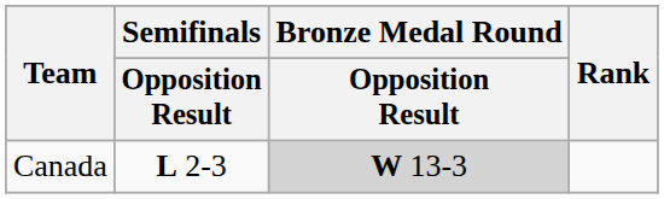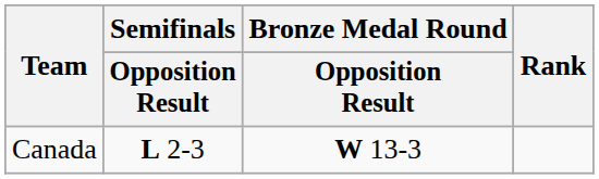 <table class="wikitable" style="font-size:90%">
 <tr>
 <th rowspan=2>Team</th>
 <th>Semifinals</th>
 <th>Bronze Medal Round</th>
 <th rowspan=2>Rank</th>
 </tr>
 <tr style="font-size:95%">
 <th>Opposition<br>Result</th>
 <th>Opposition<br>Result</th>
 </tr>
 <tr align=center>
 <td align=left>Canada</td>
 <td> <strong>L</strong> 2-3</td>
-<td style="background: lightgrey;"> <strong>W</strong> 13-3</td>
+<td> <strong>W</strong> 13-3</td>
 <td></td>
 </tr>
 </table>
